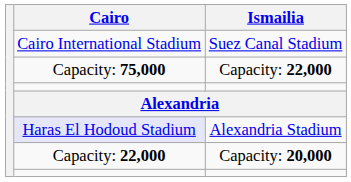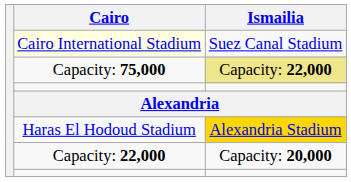 <table class="wikitable" style="margin:1em auto; text-align:center">
 <tr>
 <th rowspan="8" colspan="2"></th>
 <th colspan=><a href='#'>Cairo</a></th>
 <th><a href='#'>Ismailia</a></th>
 </tr>
 <tr>
-<td><a href='#'>Cairo International Stadium</a></td>
+<td style="background: lightyellow;"><a href='#'>Cairo International Stadium</a></td>
 <td><a href='#'>Suez Canal Stadium</a></td>
 </tr>
 <tr>
 <td>Capacity: <strong>75,000</strong></td>
-<td>Capacity: <strong>22,000</strong></td>
+<td style="background: khaki;">Capacity: <strong>22,000</strong></td>
 </tr>
 <tr>
 <td></td>
 <td></td>
 </tr>
 <tr>
 <th colspan=2><a href='#'>Alexandria</a></th>
 </tr>
 <tr>
-<td style="background: lavender;"><a href='#'>Haras El Hodoud Stadium</a></td>
-<td><a href='#'>Alexandria Stadium</a></td>
+<td><a href='#'>Haras El Hodoud Stadium</a></td>
+<td style="background: gold;"><a href='#'>Alexandria Stadium</a></td>
 </tr>
 <tr>
 <td>Capacity: <strong>22,000</strong></td>
 <td>Capacity: <strong>20,000</strong></td>
 </tr>
 <tr>
 <td></td>
 <td></td>
 </tr>
 </table>
